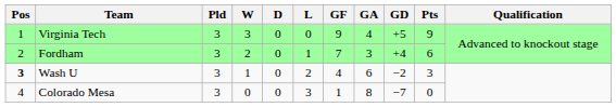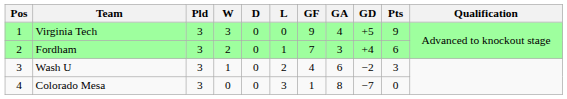 <table class="wikitable" style="text-align:center; margin: 1em auto">
 <tr>
 <th style="width:2em">Pos</th>
 <th style="width:13em">Team</th>
 <th style="width:2em">Pld</th>
 <th style="width:2em">W</th>
 <th style="width:2em">D</th>
 <th style="width:2em">L</th>
 <th style="width:2em">GF</th>
 <th style="width:2em">GA</th>
 <th style="width:2em">GD</th>
 <th style="width:2em">Pts</th>
 <th style="width:13em">Qualification</th>
 </tr>
 <tr bgcolor="#9eff9e">
 <td>1</td>
 <td style="text-align:left">Virginia Tech</td>
 <td>3</td>
 <td>3</td>
 <td>0</td>
 <td>0</td>
 <td>9</td>
 <td>4</td>
 <td>+5</td>
 <td>9</td>
 <td rowspan="2">Advanced to knockout stage</td>
 </tr>
 <tr bgcolor="#9eff9e">
 <td>2</td>
 <td style="text-align:left">Fordham</td>
 <td>3</td>
 <td>2</td>
 <td>0</td>
 <td>1</td>
 <td>7</td>
 <td>3</td>
 <td>+4</td>
 <td>6</td>
 </tr>
 <tr>
-<td><strong>3</strong></td>
+<td>3</td>
 <td style="text-align:left">Wash U</td>
 <td>3</td>
 <td>1</td>
 <td>0</td>
 <td>2</td>
 <td>4</td>
 <td>6</td>
 <td>−2</td>
 <td>3</td>
 </tr>
 <tr>
 <td>4</td>
 <td style="text-align:left">Colorado Mesa</td>
 <td>3</td>
 <td>0</td>
 <td>0</td>
 <td>3</td>
 <td>1</td>
 <td>8</td>
 <td>−7</td>
 <td>0</td>
 </tr>
 </table>
